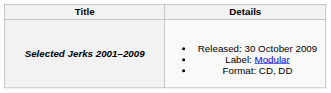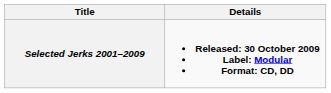 <table class="wikitable plainrowheaders" style="text-align:center;" border="1">
 <tr>
 <th scope="col" rowspan="1" style="width:16em;">Title</th>
 <th scope="col" rowspan="1" style="width:16em;">Details</th>
 </tr>
 <tr>
 <th scope="row"><em>Selected Jerks 2001–2009</em></th>
-<td><br><ul><li>Released: 30 October 2009 </li><li>Label: <a href='#'>Modular</a> </li><li>Format: CD, DD</li></ul></td>
+<td><strong><br><ul><li>Released: 30 October 2009 </li><li>Label: <a href='#'>Modular</a> </li><li>Format: CD, DD</li></ul></strong></td>
 </tr>
 </table>
